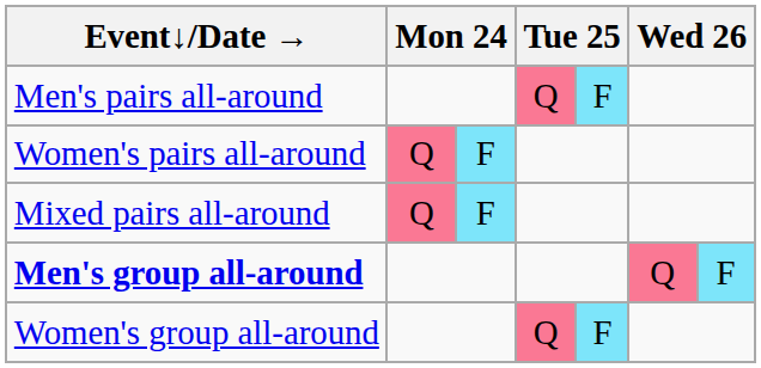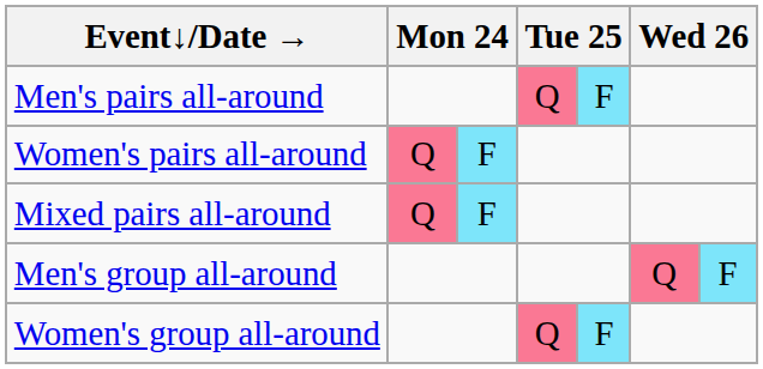 <table class="wikitable" style="margin:0.5em auto; font-size:90%; line-height:1.25em;">
 <tr style="text-align:center;">
 <th>Event↓/Date →</th>
 <th colspan=2>Mon 24</th>
 <th colspan=2>Tue 25</th>
 <th colspan=2>Wed 26</th>
 </tr>
 <tr style="text-align:center;">
 <td style="text-align:left;"><a href='#'>Men's pairs all-around</a></td>
 <td colspan=2></td>
 <td style="background-color:#FA7894;text-align:center;">Q</td>
 <td style="background-color:#7DE5FA;">F</td>
 <td colspan=2></td>
 </tr>
 <tr style="text-align:center;">
 <td style="text-align:left;"><a href='#'>Women's pairs all-around</a></td>
 <td style="background-color:#FA7894;text-align:center;">Q</td>
 <td style="background-color:#7DE5FA;">F</td>
 <td colspan=2></td>
 <td colspan=2></td>
 </tr>
 <tr style="text-align:center;">
 <td style="text-align:left;"><a href='#'>Mixed pairs all-around</a></td>
 <td style="background-color:#FA7894;text-align:center;">Q</td>
 <td style="background-color:#7DE5FA;">F</td>
 <td colspan=2></td>
 <td colspan=2></td>
 </tr>
 <tr style="text-align:center;">
-<td style="text-align:left;"><strong><a href='#'>Men's group all-around</a></strong></td>
+<td style="text-align:left;"><a href='#'>Men's group all-around</a></td>
 <td colspan=2></td>
 <td colspan=2></td>
 <td style="background-color:#FA7894;text-align:center;">Q</td>
 <td style="background-color:#7DE5FA;">F</td>
 </tr>
 <tr style="text-align:center;">
 <td style="text-align:left;"><a href='#'>Women's group all-around</a></td>
 <td colspan=2></td>
 <td style="background-color:#FA7894;text-align:center;">Q</td>
 <td style="background-color:#7DE5FA;">F</td>
 <td colspan=2></td>
 </tr>
 </table>
